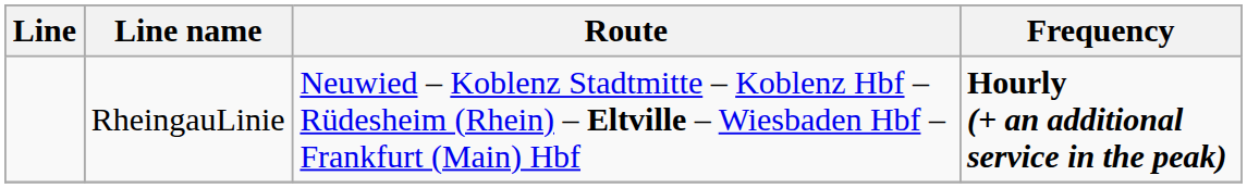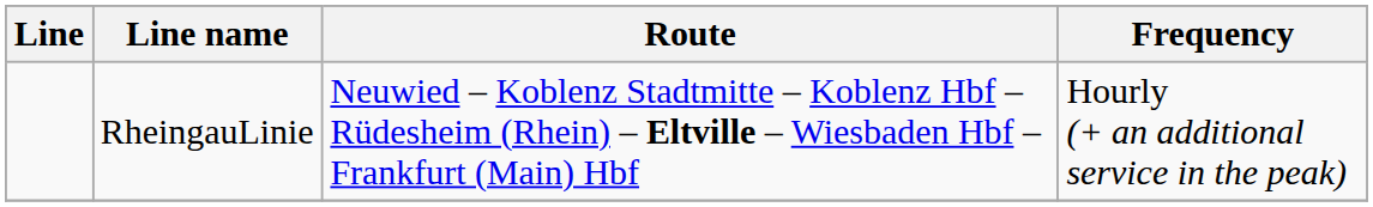 <table class="wikitable">
 <tr class="hintergrundfarbe6">
 <th>Line</th>
 <th>Line name</th>
 <th>Route</th>
 <th>Frequency</th>
 </tr>
 <tr>
 <td></td>
 <td>RheingauLinie</td>
 <td><a href='#'>Neuwied</a> – <a href='#'>Koblenz Stadtmitte</a> – <a href='#'>Koblenz Hbf</a> – <a href='#'>Rüdesheim (Rhein)</a> – <strong>Eltville</strong> – <a href='#'>Wiesbaden Hbf</a> – <a href='#'>Frankfurt (Main) Hbf</a></td>
-<td><strong>Hourly<br> <em>(+ an additional service in the peak)</em></strong></td>
+<td>Hourly<br> <em>(+ an additional service in the peak)</em></td>
 </tr>
 <tr>
 </tr>
 </table>
